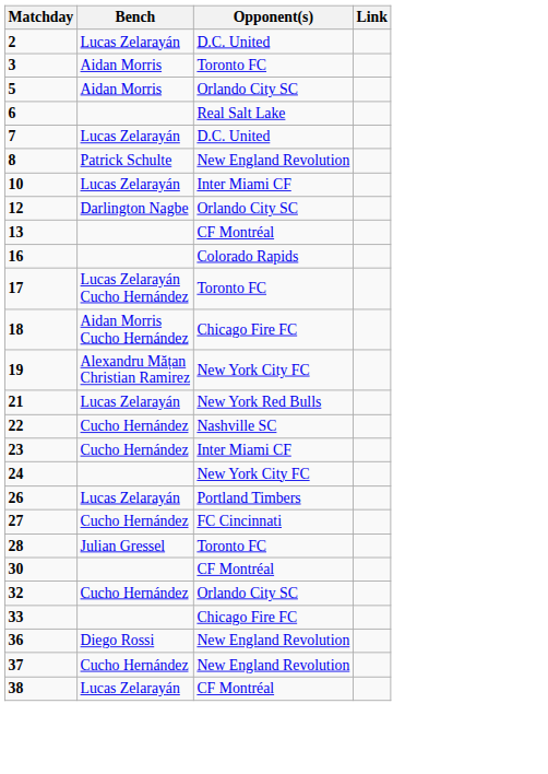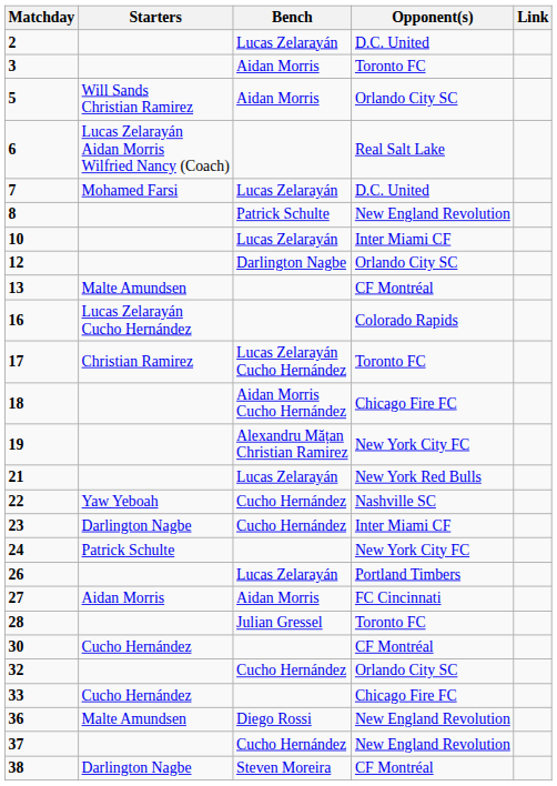 <table class=wikitable style="display:inline-table;">
 <tr>
 <th>Matchday</th>
+<th>Starters</th>
 <th>Bench</th>
 <th>Opponent(s)</th>
 <th>Link</th>
 </tr>
 <tr>
 <td><strong>2</strong></td>
+<td></td>
 <td> <a href='#'>Lucas Zelarayán</a></td>
 <td> <a href='#'>D.C. United</a></td>
 <td></td>
 </tr>
 <tr>
 <td><strong>3</strong></td>
+<td></td>
 <td> <a href='#'>Aidan Morris</a></td>
 <td> <a href='#'>Toronto FC</a></td>
 <td></td>
 </tr>
 <tr>
 <td><strong>5</strong></td>
+<td> <a href='#'>Will Sands</a><br> <a href='#'>Christian Ramirez</a></td>
 <td> <a href='#'>Aidan Morris</a></td>
 <td> <a href='#'>Orlando City SC</a></td>
 <td></td>
 </tr>
 <tr>
 <td><strong>6</strong></td>
+<td> <a href='#'>Lucas Zelarayán</a><br> <a href='#'>Aidan Morris</a><br> <a href='#'>Wilfried Nancy</a> (Coach)</td>
 <td></td>
 <td> <a href='#'>Real Salt Lake</a></td>
 <td></td>
 </tr>
 <tr>
 <td><strong>7</strong></td>
+<td> <a href='#'>Mohamed Farsi</a></td>
 <td> <a href='#'>Lucas Zelarayán</a></td>
 <td> <a href='#'>D.C. United</a></td>
 <td></td>
 </tr>
 <tr>
 <td><strong>8</strong></td>
+<td></td>
 <td> <a href='#'>Patrick Schulte</a></td>
 <td> <a href='#'>New England Revolution</a></td>
 <td></td>
 </tr>
 <tr>
 <td><strong>10</strong></td>
+<td></td>
 <td> <a href='#'>Lucas Zelarayán</a></td>
 <td> <a href='#'>Inter Miami CF</a></td>
 <td></td>
 </tr>
 <tr>
 <td><strong>12</strong></td>
+<td></td>
 <td> <a href='#'>Darlington Nagbe</a></td>
 <td> <a href='#'>Orlando City SC</a></td>
 <td></td>
 </tr>
 <tr>
 <td><strong>13</strong></td>
+<td> <a href='#'>Malte Amundsen</a></td>
 <td></td>
 <td> <a href='#'>CF Montréal</a></td>
 <td></td>
 </tr>
 <tr>
 <td><strong>16</strong></td>
+<td> <a href='#'>Lucas Zelarayán</a><br> <a href='#'>Cucho Hernández</a></td>
 <td></td>
 <td> <a href='#'>Colorado Rapids</a></td>
 <td></td>
 </tr>
 <tr>
 <td><strong>17</strong></td>
+<td> <a href='#'>Christian Ramirez</a></td>
 <td> <a href='#'>Lucas Zelarayán</a><br> <a href='#'>Cucho Hernández</a></td>
 <td> <a href='#'>Toronto FC</a></td>
 <td></td>
 </tr>
 <tr>
 <td><strong>18</strong></td>
+<td></td>
 <td> <a href='#'>Aidan Morris</a><br> <a href='#'>Cucho Hernández</a></td>
 <td> <a href='#'>Chicago Fire FC</a></td>
 <td></td>
 </tr>
 <tr>
 <td><strong>19</strong></td>
+<td></td>
 <td> <a href='#'>Alexandru Mățan</a><br> <a href='#'>Christian Ramirez</a></td>
 <td> <a href='#'>New York City FC</a></td>
 <td></td>
 </tr>
 <tr>
 <td><strong>21</strong></td>
+<td></td>
 <td> <a href='#'>Lucas Zelarayán</a></td>
 <td> <a href='#'>New York Red Bulls</a></td>
 <td></td>
 </tr>
 <tr>
 <td><strong>22</strong></td>
+<td> <a href='#'>Yaw Yeboah</a></td>
 <td> <a href='#'>Cucho Hernández</a></td>
 <td> <a href='#'>Nashville SC</a></td>
 <td></td>
 </tr>
 <tr>
 <td><strong>23</strong></td>
+<td> <a href='#'>Darlington Nagbe</a></td>
 <td> <a href='#'>Cucho Hernández</a></td>
 <td> <a href='#'>Inter Miami CF</a></td>
 <td></td>
 </tr>
 <tr>
 <td><strong>24</strong></td>
+<td> <a href='#'>Patrick Schulte</a></td>
 <td></td>
 <td> <a href='#'>New York City FC</a></td>
 <td></td>
 </tr>
 <tr>
 <td><strong>26</strong></td>
+<td></td>
 <td> <a href='#'>Lucas Zelarayán</a></td>
 <td> <a href='#'>Portland Timbers</a></td>
 <td></td>
 </tr>
 <tr>
 <td><strong>27</strong></td>
-<td> <a href='#'>Cucho Hernández</a></td>
+<td> <a href='#'>Aidan Morris</a></td>
+<td> <a href='#'>Aidan Morris</a></td>
 <td> <a href='#'>FC Cincinnati</a></td>
 <td></td>
 </tr>
 <tr>
 <td><strong>28</strong></td>
+<td></td>
 <td> <a href='#'>Julian Gressel</a></td>
 <td> <a href='#'>Toronto FC</a></td>
 <td></td>
 </tr>
 <tr>
 <td><strong>30</strong></td>
+<td> <a href='#'>Cucho Hernández</a></td>
 <td></td>
 <td> <a href='#'>CF Montréal</a></td>
 <td></td>
 </tr>
 <tr>
 <td><strong>32</strong></td>
+<td></td>
 <td> <a href='#'>Cucho Hernández</a></td>
 <td> <a href='#'>Orlando City SC</a></td>
 <td></td>
 </tr>
 <tr>
 <td><strong>33</strong></td>
+<td> <a href='#'>Cucho Hernández</a></td>
 <td></td>
 <td> <a href='#'>Chicago Fire FC</a></td>
 <td></td>
 </tr>
 <tr>
 <td><strong>36</strong></td>
+<td> <a href='#'>Malte Amundsen</a></td>
 <td> <a href='#'>Diego Rossi</a></td>
 <td> <a href='#'>New England Revolution</a></td>
 <td></td>
 </tr>
 <tr>
 <td><strong>37</strong></td>
+<td></td>
 <td> <a href='#'>Cucho Hernández</a></td>
 <td> <a href='#'>New England Revolution</a></td>
 <td></td>
 </tr>
 <tr>
 <td><strong>38</strong></td>
-<td> <a href='#'>Lucas Zelarayán</a></td>
+<td> <a href='#'>Darlington Nagbe</a></td>
+<td> <a href='#'>Steven Moreira</a></td>
 <td> <a href='#'>CF Montréal</a></td>
 <td></td>
 </tr>
 </table>
